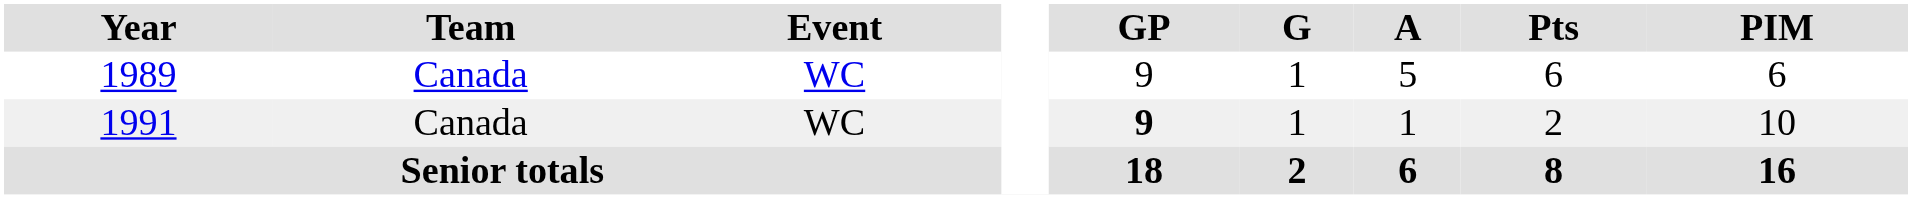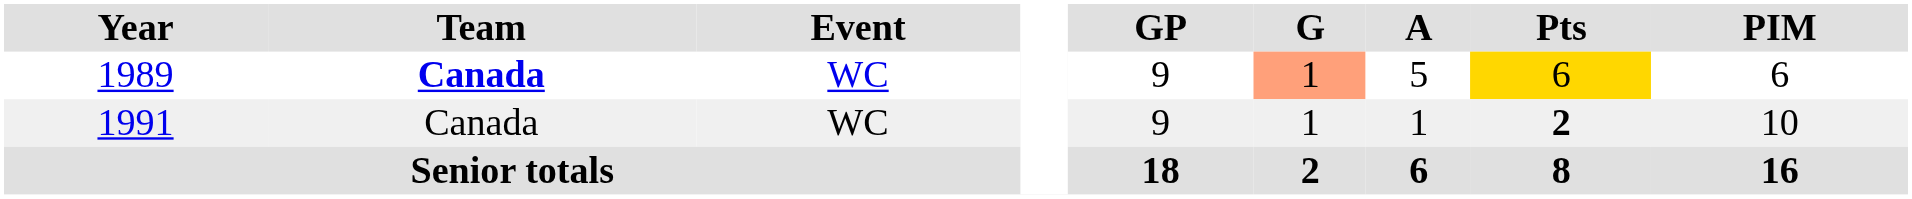 <table border="0" cellpadding="1" cellspacing="0" style="text-align:center; width:50em">
 <tr ALIGN="center" bgcolor="#e0e0e0">
 <th>Year</th>
 <th>Team</th>
 <th>Event</th>
 <th rowspan="99" bgcolor="#ffffff"> </th>
 <th>GP</th>
 <th>G</th>
 <th>A</th>
 <th>Pts</th>
 <th>PIM</th>
 </tr>
 <tr>
 <td><a href='#'>1989</a></td>
-<td><a href='#'>Canada</a></td>
+<td><strong><a href='#'>Canada</a></strong></td>
 <td><a href='#'>WC</a></td>
 <td>9</td>
-<td>1</td>
+<td style="background: lightsalmon;">1</td>
 <td>5</td>
-<td>6</td>
+<td style="background: gold;">6</td>
 <td>6</td>
 </tr>
 <tr bgcolor="#f0f0f0">
 <td><a href='#'>1991</a></td>
 <td>Canada</td>
 <td>WC</td>
-<td><strong>9</strong></td>
+<td>9</td>
 <td>1</td>
 <td>1</td>
-<td>2</td>
+<td><strong>2</strong></td>
 <td>10</td>
 </tr>
 <tr bgcolor="#e0e0e0">
 <th colspan=3>Senior totals</th>
 <th>18</th>
 <th>2</th>
 <th>6</th>
 <th>8</th>
 <th>16</th>
 </tr>
 </table>
